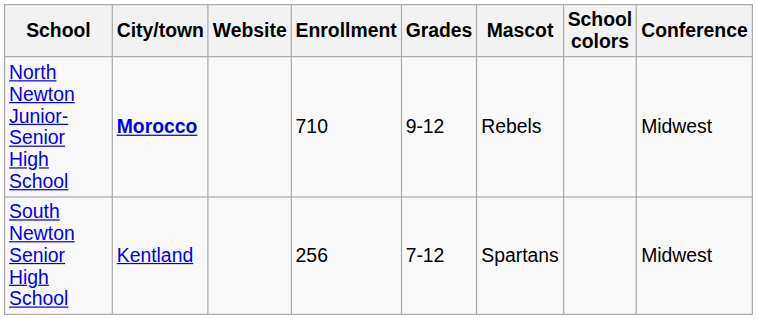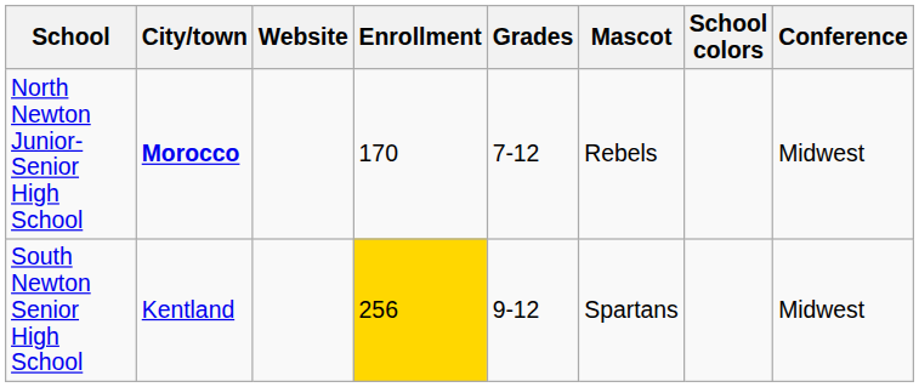 <table class="wikitable sortable" width="70%">
 <tr>
 <th width="20%">School</th>
 <th width="08%">City/town</th>
 <th width="06%">Website</th>
 <th width="04%">Enrollment</th>
 <th width="04%">Grades</th>
 <th width="04%">Mascot</th>
 <th width=01%>School colors</th>
 <th width="04%">Conference</th>
 </tr>
 <tr>
 <td><a href='#'>North Newton Junior-Senior High School</a></td>
 <td><strong><a href='#'>Morocco</a></strong></td>
 <td></td>
-<td>710</td>
-<td>9-12</td>
+<td>170</td>
+<td>7-12</td>
 <td>Rebels</td>
 <td> </td>
 <td>Midwest</td>
 </tr>
 <tr>
 <td><a href='#'>South Newton Senior High School</a></td>
 <td><a href='#'>Kentland</a></td>
 <td></td>
-<td>256</td>
-<td>7-12</td>
+<td style="background: gold;">256</td>
+<td>9-12</td>
 <td>Spartans</td>
 <td>  </td>
 <td>Midwest</td>
 </tr>
 </table>
